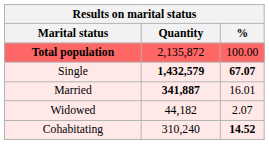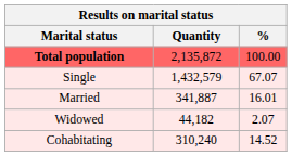 <table class="wikitable" id="cx55" style="text-align: center; margin-right: 8px; font-size: 85%; margin-bottom: 10px;" width="24%">
 <tr>
 <th colspan="8">Results on marital status<br></th>
 </tr>
 <tr>
 <th width="35%">Marital status</th>
 <th width="20%">Quantity</th>
 <th width="5%">%</th>
 </tr>
 <tr bgcolor="#FF6666">
 <td><strong>Total population</strong></td>
 <td align="center">2,135,872</td>
 <td align="center">100.00</td>
 </tr>
 <tr bgcolor="#FFE8E8">
 <td>Single</td>
-<td align="center"><strong>1,432,579</strong></td>
-<td align="center"><strong>67.07</strong></td>
+<td align="center">1,432,579</td>
+<td align="center">67.07</td>
 </tr>
 <tr bgcolor="#FFE8E8">
 <td>Married</td>
-<td align="center"><strong>341,887</strong></td>
+<td align="center">341,887</td>
 <td align="center">16.01</td>
 </tr>
 <tr bgcolor="#FFE8E8">
 <td>Widowed</td>
 <td align="center">44,182</td>
 <td align="center">2.07</td>
 </tr>
 <tr bgcolor="#FFE8E8">
 <td>Cohabitating</td>
 <td align="center">310,240</td>
-<td align="center"><strong>14.52</strong></td>
+<td align="center">14.52</td>
 </tr>
 </table>
